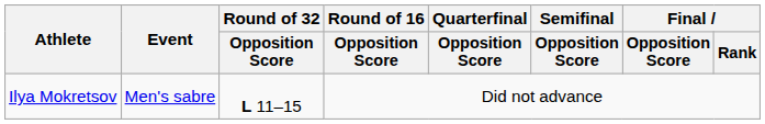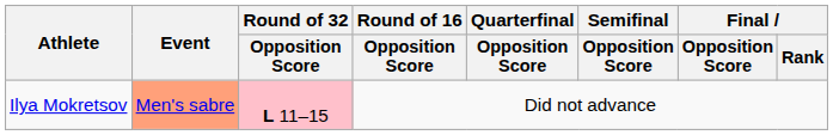 <table class="wikitable" style="font-size:90%">
 <tr>
 <th rowspan=2>Athlete</th>
 <th rowspan=2>Event</th>
 <th>Round of 32</th>
 <th>Round of 16</th>
 <th>Quarterfinal</th>
 <th>Semifinal</th>
 <th colspan=2>Final / </th>
 </tr>
 <tr style="font-size:95%">
 <th>Opposition<br>Score</th>
 <th>Opposition<br>Score</th>
 <th>Opposition<br>Score</th>
 <th>Opposition<br>Score</th>
 <th>Opposition<br>Score</th>
 <th>Rank</th>
 </tr>
 <tr align=center>
 <td align=left><a href='#'>Ilya Mokretsov</a></td>
-<td align=left><a href='#'>Men's sabre</a></td>
-<td><br><strong>L</strong> 11–15</td>
+<td align=left style="background: lightsalmon;"><a href='#'>Men's sabre</a></td>
+<td style="background: pink;"><br><strong>L</strong> 11–15</td>
 <td colspan=5>Did not advance</td>
 </tr>
 </table>
